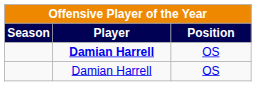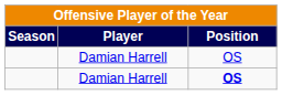 <table class="wikitable sortable" style="text-align:center">
 <tr>
 <td colspan="4" style="background:#e80; color:white;"><strong>Offensive Player of the Year</strong></td>
 </tr>
 <tr>
 <th style="width:50px; background:#005; color:white;">Season</th>
 <th style="width:150px; background:#005; color:white;">Player</th>
 <th style="width:100px; background:#005; color:white;">Position</th>
 </tr>
 <tr>
 <td></td>
-<td><strong><a href='#'>Damian Harrell</a></strong></td>
+<td><a href='#'>Damian Harrell</a></td>
 <td><a href='#'>OS</a></td>
 </tr>
 <tr>
 <td></td>
 <td><a href='#'>Damian Harrell</a></td>
-<td><a href='#'>OS</a></td>
+<td><strong><a href='#'>OS</a></strong></td>
 </tr>
 </table>
